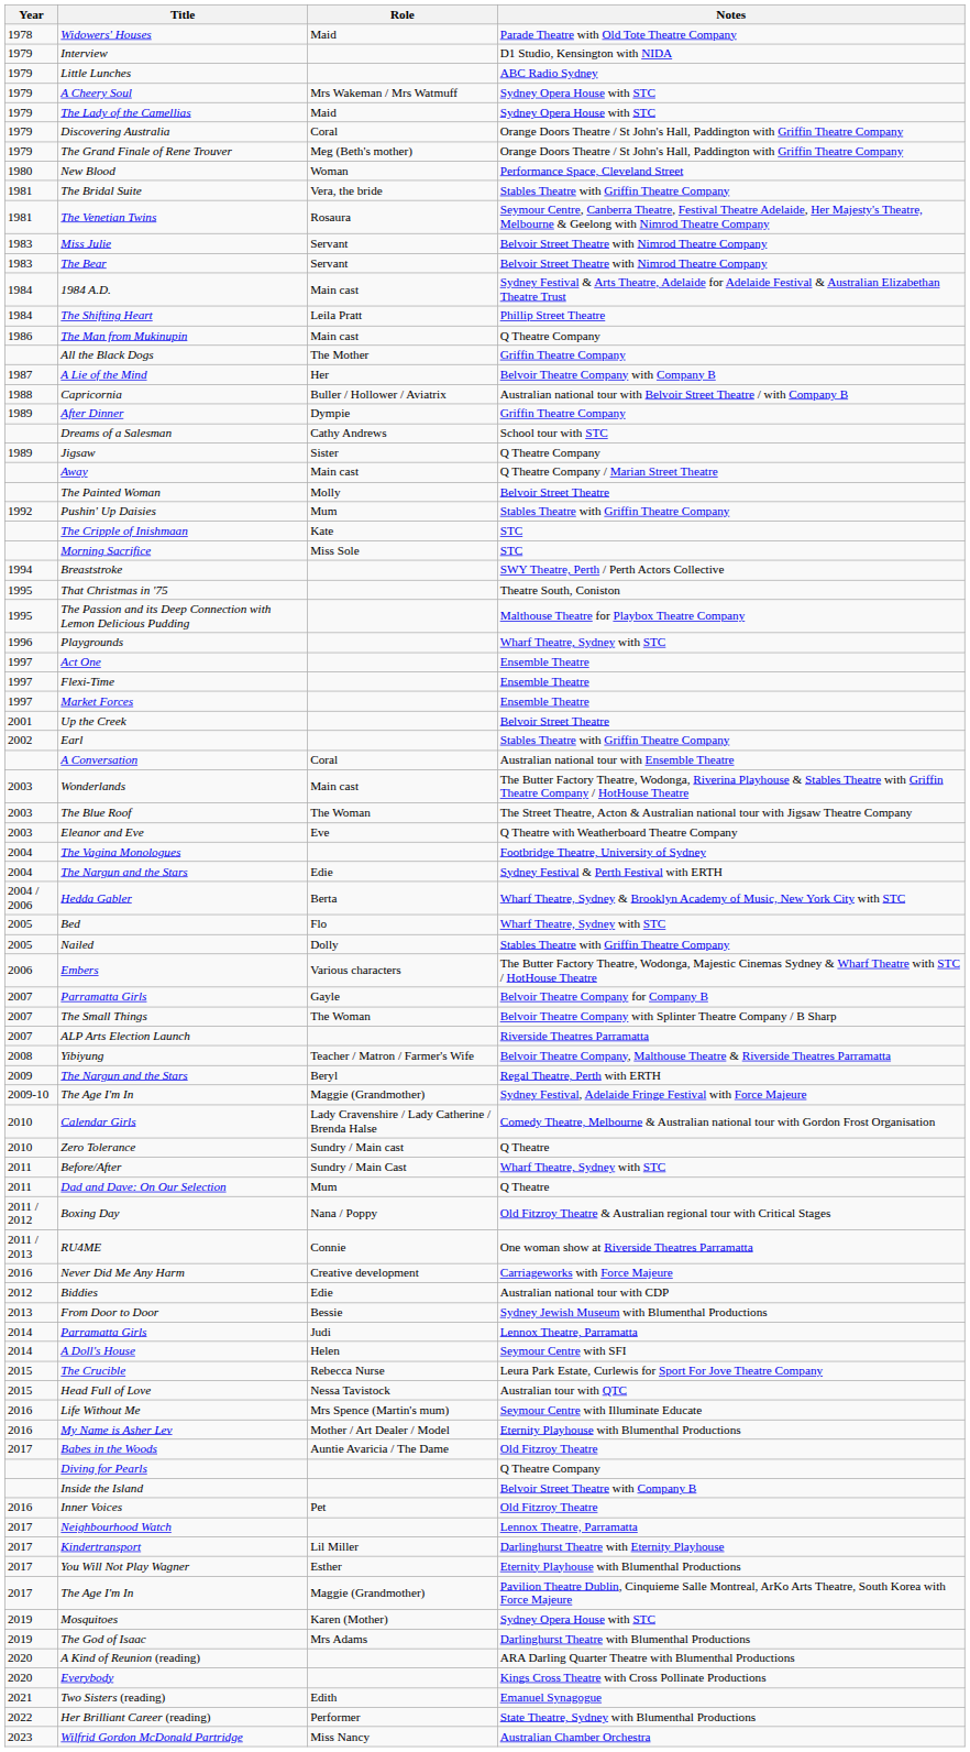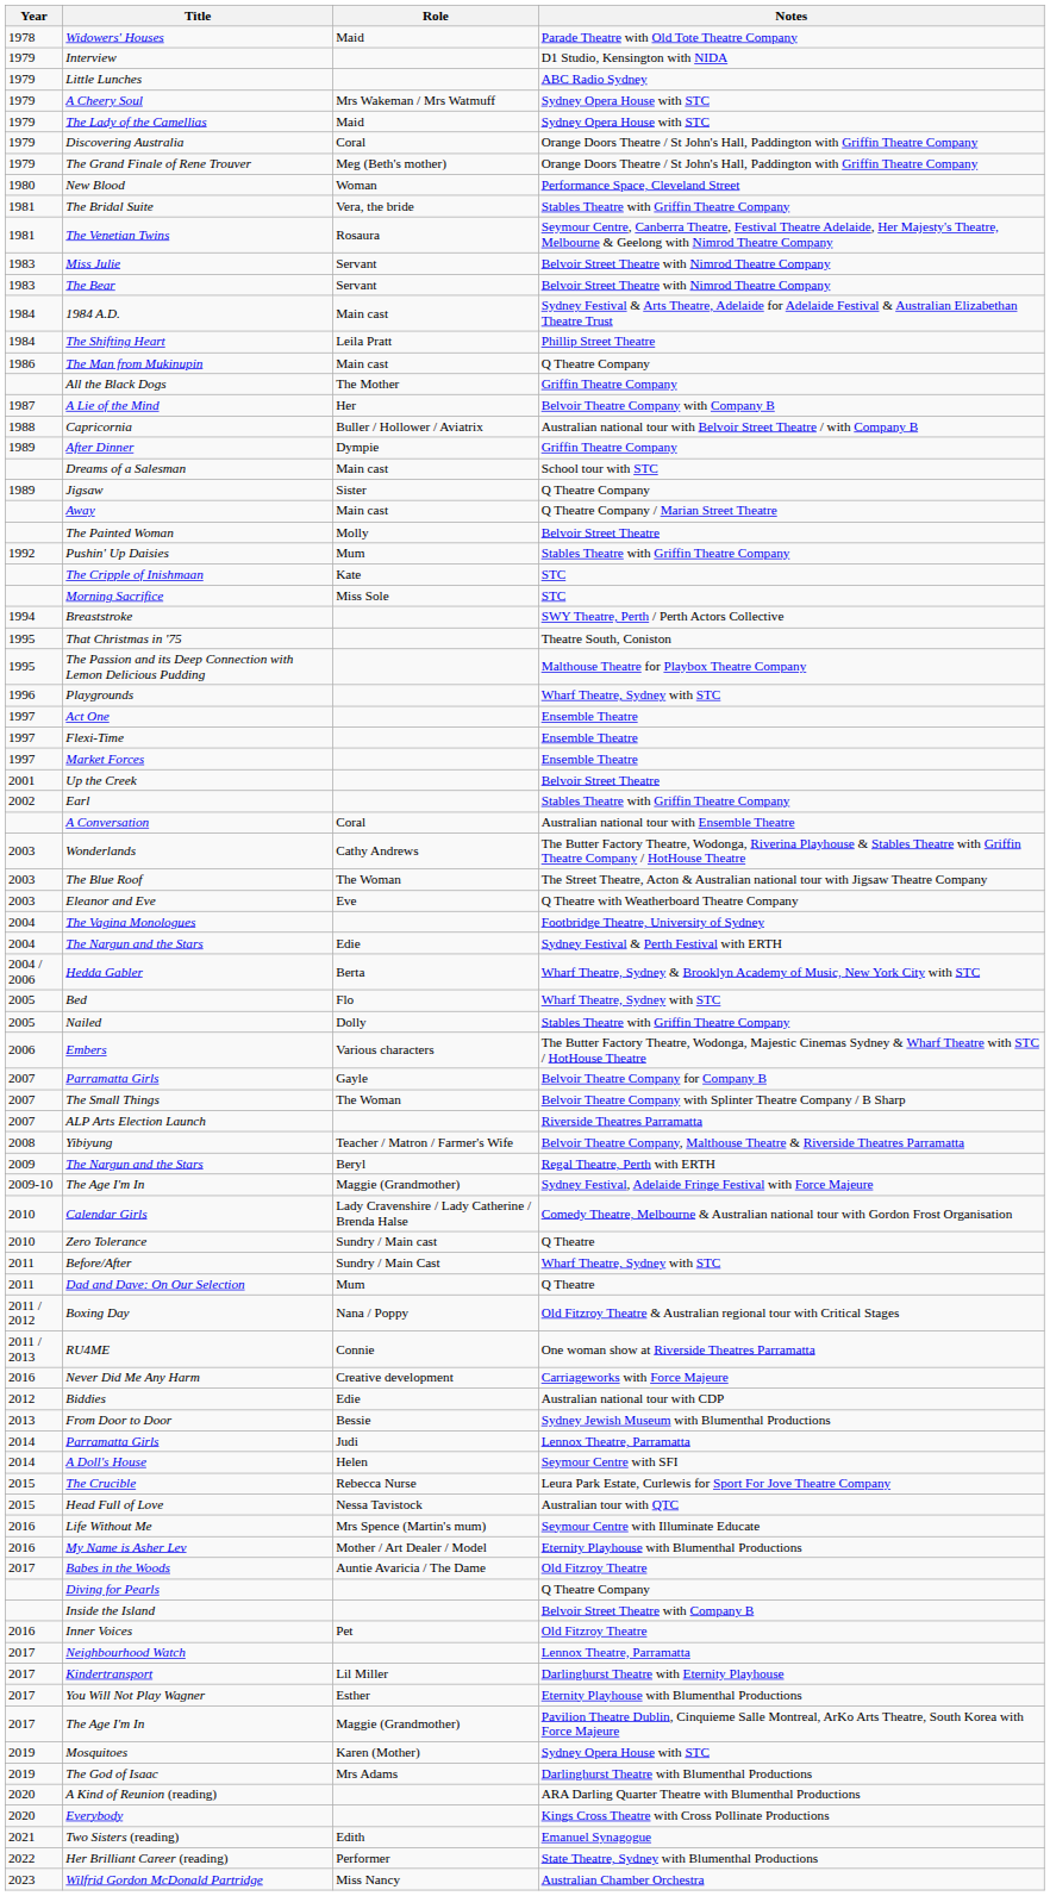 <table class="wikitable">
 <tr>
 <th>Year</th>
 <th>Title</th>
 <th>Role</th>
 <th>Notes</th>
 </tr>
 <tr>
 <td>1978</td>
 <td><em><a href='#'>Widowers' Houses</a></em></td>
 <td>Maid</td>
 <td><a href='#'>Parade Theatre</a> with <a href='#'>Old Tote Theatre Company</a></td>
 </tr>
 <tr>
 <td>1979</td>
 <td><em>Interview</em></td>
 <td></td>
 <td>D1 Studio, Kensington with <a href='#'>NIDA</a></td>
 </tr>
 <tr>
 <td>1979</td>
 <td><em>Little Lunches</em></td>
 <td></td>
 <td><a href='#'>ABC Radio Sydney</a></td>
 </tr>
 <tr>
 <td>1979</td>
 <td><em><a href='#'>A Cheery Soul</a></em></td>
 <td>Mrs Wakeman / Mrs Watmuff</td>
 <td><a href='#'>Sydney Opera House</a> with <a href='#'>STC</a></td>
 </tr>
 <tr>
 <td>1979</td>
 <td><em><a href='#'>The Lady of the Camellias</a></em></td>
 <td>Maid</td>
 <td><a href='#'>Sydney Opera House</a> with <a href='#'>STC</a></td>
 </tr>
 <tr>
 <td>1979</td>
 <td><em>Discovering Australia</em></td>
 <td>Coral</td>
 <td>Orange Doors Theatre / St John's Hall, Paddington with <a href='#'>Griffin Theatre Company</a></td>
 </tr>
 <tr>
 <td>1979</td>
 <td><em>The Grand Finale of Rene Trouver</em></td>
 <td>Meg (Beth's mother)</td>
 <td>Orange Doors Theatre / St John's Hall, Paddington with <a href='#'>Griffin Theatre Company</a></td>
 </tr>
 <tr>
 <td>1980</td>
 <td><em>New Blood</em></td>
 <td>Woman</td>
 <td><a href='#'>Performance Space, Cleveland Street</a></td>
 </tr>
 <tr>
 <td>1981</td>
 <td><em>The Bridal Suite</em></td>
 <td>Vera, the bride</td>
 <td><a href='#'>Stables Theatre</a> with <a href='#'>Griffin Theatre Company</a></td>
 </tr>
 <tr>
 <td>1981</td>
 <td><em><a href='#'>The Venetian Twins</a></em></td>
 <td>Rosaura</td>
 <td><a href='#'>Seymour Centre</a>, <a href='#'>Canberra Theatre</a>, <a href='#'>Festival Theatre Adelaide</a>, <a href='#'>Her Majesty's Theatre, Melbourne</a> & Geelong with <a href='#'>Nimrod Theatre Company</a></td>
 </tr>
 <tr>
 <td>1983</td>
 <td><em><a href='#'>Miss Julie</a></em></td>
 <td>Servant</td>
 <td><a href='#'>Belvoir Street Theatre</a> with <a href='#'>Nimrod Theatre Company</a></td>
 </tr>
 <tr>
 <td>1983</td>
 <td><em><a href='#'>The Bear</a></em></td>
 <td>Servant</td>
 <td><a href='#'>Belvoir Street Theatre</a> with <a href='#'>Nimrod Theatre Company</a></td>
 </tr>
 <tr>
 <td>1984</td>
 <td><em>1984 A.D.</em></td>
 <td>Main cast</td>
 <td><a href='#'>Sydney Festival</a> & <a href='#'>Arts Theatre, Adelaide</a> for <a href='#'>Adelaide Festival</a> & <a href='#'>Australian Elizabethan Theatre Trust</a></td>
 </tr>
 <tr>
 <td>1984</td>
 <td><em><a href='#'>The Shifting Heart</a></em></td>
 <td>Leila Pratt</td>
 <td><a href='#'>Phillip Street Theatre</a></td>
 </tr>
 <tr>
 <td>1986</td>
 <td><em><a href='#'>The Man from Mukinupin</a></em></td>
 <td>Main cast</td>
 <td>Q Theatre Company</td>
 </tr>
 <tr>
 <td></td>
 <td><em>All the Black Dogs</em></td>
 <td>The Mother</td>
 <td><a href='#'>Griffin Theatre Company</a></td>
 </tr>
 <tr>
 <td>1987</td>
 <td><em><a href='#'>A Lie of the Mind</a></em></td>
 <td>Her</td>
 <td><a href='#'>Belvoir Theatre Company</a> with <a href='#'>Company B</a></td>
 </tr>
 <tr>
 <td>1988</td>
 <td><em>Capricornia</em></td>
 <td>Buller / Hollower / Aviatrix</td>
 <td>Australian national tour with <a href='#'>Belvoir Street Theatre</a> / with <a href='#'>Company B</a></td>
 </tr>
 <tr>
 <td>1989</td>
 <td><em><a href='#'>After Dinner</a></em></td>
 <td>Dympie</td>
 <td><a href='#'>Griffin Theatre Company</a></td>
 </tr>
 <tr>
 <td></td>
 <td><em>Dreams of a Salesman</em></td>
-<td>Cathy Andrews</td>
+<td>Main cast</td>
 <td>School tour with <a href='#'>STC</a></td>
 </tr>
 <tr>
 <td>1989</td>
 <td><em>Jigsaw</em></td>
 <td>Sister</td>
 <td>Q Theatre Company</td>
 </tr>
 <tr>
 <td></td>
 <td><em><a href='#'>Away</a></em></td>
 <td>Main cast</td>
 <td>Q Theatre Company / <a href='#'>Marian Street Theatre</a></td>
 </tr>
 <tr>
 <td></td>
 <td><em>The Painted Woman</em></td>
 <td>Molly</td>
 <td><a href='#'>Belvoir Street Theatre</a></td>
 </tr>
 <tr>
 <td>1992</td>
 <td><em>Pushin' Up Daisies</em></td>
 <td>Mum</td>
 <td><a href='#'>Stables Theatre</a> with <a href='#'>Griffin Theatre Company</a></td>
 </tr>
 <tr>
 <td></td>
 <td><em><a href='#'>The Cripple of Inishmaan</a></em></td>
 <td>Kate</td>
 <td><a href='#'>STC</a></td>
 </tr>
 <tr>
 <td></td>
 <td><em><a href='#'>Morning Sacrifice</a></em></td>
 <td>Miss Sole</td>
 <td><a href='#'>STC</a></td>
 </tr>
 <tr>
 <td>1994</td>
 <td><em>Breaststroke</em></td>
 <td></td>
 <td><a href='#'>SWY Theatre, Perth</a> / Perth Actors Collective</td>
 </tr>
 <tr>
 <td>1995</td>
 <td><em>That Christmas in '75</em></td>
 <td></td>
 <td>Theatre South, Coniston</td>
 </tr>
 <tr>
 <td>1995</td>
 <td><em>The Passion and its Deep Connection with Lemon Delicious Pudding</em></td>
 <td></td>
 <td><a href='#'>Malthouse Theatre</a> for <a href='#'>Playbox Theatre Company</a></td>
 </tr>
 <tr>
 <td>1996</td>
 <td><em>Playgrounds</em></td>
 <td></td>
 <td><a href='#'>Wharf Theatre, Sydney</a> with <a href='#'>STC</a></td>
 </tr>
 <tr>
 <td>1997</td>
 <td><em><a href='#'>Act One</a></em></td>
 <td></td>
 <td><a href='#'>Ensemble Theatre</a></td>
 </tr>
 <tr>
 <td>1997</td>
 <td><em>Flexi-Time</em></td>
 <td></td>
 <td><a href='#'>Ensemble Theatre</a></td>
 </tr>
 <tr>
 <td>1997</td>
 <td><em><a href='#'>Market Forces</a></em></td>
 <td></td>
 <td><a href='#'>Ensemble Theatre</a></td>
 </tr>
 <tr>
 <td>2001</td>
 <td><em>Up the Creek</em></td>
 <td></td>
 <td><a href='#'>Belvoir Street Theatre</a></td>
 </tr>
 <tr>
 <td>2002</td>
 <td><em>Earl</em></td>
 <td></td>
 <td><a href='#'>Stables Theatre</a> with <a href='#'>Griffin Theatre Company</a></td>
 </tr>
 <tr>
 <td></td>
 <td><em><a href='#'>A Conversation</a></em></td>
 <td>Coral</td>
 <td>Australian national tour with <a href='#'>Ensemble Theatre</a></td>
 </tr>
 <tr>
 <td>2003</td>
 <td><em>Wonderlands</em></td>
-<td>Main cast</td>
+<td>Cathy Andrews</td>
 <td>The Butter Factory Theatre, Wodonga, <a href='#'>Riverina Playhouse</a> & <a href='#'>Stables Theatre</a> with <a href='#'>Griffin Theatre Company</a> / <a href='#'>HotHouse Theatre</a></td>
 </tr>
 <tr>
 <td>2003</td>
 <td><em>The Blue Roof</em></td>
 <td>The Woman</td>
 <td>The Street Theatre, Acton & Australian national tour with Jigsaw Theatre Company</td>
 </tr>
 <tr>
 <td>2003</td>
 <td><em>Eleanor and Eve</em></td>
 <td>Eve</td>
 <td>Q Theatre with Weatherboard Theatre Company</td>
 </tr>
 <tr>
 <td>2004</td>
 <td><em><a href='#'>The Vagina Monologues</a></em></td>
 <td></td>
 <td><a href='#'>Footbridge Theatre, University of Sydney</a></td>
 </tr>
 <tr>
 <td>2004</td>
 <td><em><a href='#'>The Nargun and the Stars</a></em></td>
 <td>Edie</td>
 <td><a href='#'>Sydney Festival</a> & <a href='#'>Perth Festival</a> with ERTH</td>
 </tr>
 <tr>
 <td>2004 / 2006</td>
 <td><em><a href='#'>Hedda Gabler</a></em></td>
 <td>Berta</td>
 <td><a href='#'>Wharf Theatre, Sydney</a> & <a href='#'>Brooklyn Academy of Music, New York City</a> with <a href='#'>STC</a></td>
 </tr>
 <tr>
 <td>2005</td>
 <td><em>Bed</em></td>
 <td>Flo</td>
 <td><a href='#'>Wharf Theatre, Sydney</a> with <a href='#'>STC</a></td>
 </tr>
 <tr>
 <td>2005</td>
 <td><em>Nailed</em></td>
 <td>Dolly</td>
 <td><a href='#'>Stables Theatre</a> with <a href='#'>Griffin Theatre Company</a></td>
 </tr>
 <tr>
 <td>2006</td>
 <td><em><a href='#'>Embers</a></em></td>
 <td>Various characters</td>
 <td>The Butter Factory Theatre, Wodonga, Majestic Cinemas Sydney & <a href='#'>Wharf Theatre</a> with <a href='#'>STC</a> / <a href='#'>HotHouse Theatre</a></td>
 </tr>
 <tr>
 <td>2007</td>
 <td><em><a href='#'>Parramatta Girls</a></em></td>
 <td>Gayle</td>
 <td><a href='#'>Belvoir Theatre Company</a> for <a href='#'>Company B</a></td>
 </tr>
 <tr>
 <td>2007</td>
 <td><em>The Small Things</em></td>
 <td>The Woman</td>
 <td><a href='#'>Belvoir Theatre Company</a> with Splinter Theatre Company / B Sharp</td>
 </tr>
 <tr>
 <td>2007</td>
 <td><em>ALP Arts Election Launch</em></td>
 <td></td>
 <td><a href='#'>Riverside Theatres Parramatta</a></td>
 </tr>
 <tr>
 <td>2008</td>
 <td><em>Yibiyung</em></td>
 <td>Teacher / Matron / Farmer's Wife</td>
 <td><a href='#'>Belvoir Theatre Company</a>, <a href='#'>Malthouse Theatre</a> & <a href='#'>Riverside Theatres Parramatta</a></td>
 </tr>
 <tr>
 <td>2009</td>
 <td><em><a href='#'>The Nargun and the Stars</a></em></td>
 <td>Beryl</td>
 <td><a href='#'>Regal Theatre, Perth</a> with ERTH</td>
 </tr>
 <tr>
 <td>2009-10</td>
 <td><em>The Age I'm In</em></td>
 <td>Maggie (Grandmother)</td>
 <td><a href='#'>Sydney Festival</a>, <a href='#'>Adelaide Fringe Festival</a> with <a href='#'>Force Majeure</a></td>
 </tr>
 <tr>
 <td>2010</td>
 <td><em><a href='#'>Calendar Girls</a></em></td>
 <td>Lady Cravenshire / Lady Catherine / Brenda Halse</td>
 <td><a href='#'>Comedy Theatre, Melbourne</a> & Australian national tour with Gordon Frost Organisation</td>
 </tr>
 <tr>
 <td>2010</td>
 <td><em>Zero Tolerance</em></td>
 <td>Sundry / Main cast</td>
 <td>Q Theatre</td>
 </tr>
 <tr>
 <td>2011</td>
 <td><em>Before/After</em></td>
 <td>Sundry / Main Cast</td>
 <td><a href='#'>Wharf Theatre, Sydney</a> with <a href='#'>STC</a></td>
 </tr>
 <tr>
 <td>2011</td>
 <td><em><a href='#'>Dad and Dave: On Our Selection</a></em></td>
 <td>Mum</td>
 <td>Q Theatre</td>
 </tr>
 <tr>
 <td>2011 / 2012</td>
 <td><em>Boxing Day</em></td>
 <td>Nana / Poppy</td>
 <td><a href='#'>Old Fitzroy Theatre</a> & Australian regional tour with Critical Stages</td>
 </tr>
 <tr>
 <td>2011 / 2013</td>
 <td><em>RU4ME</em></td>
 <td>Connie</td>
 <td>One woman show at <a href='#'>Riverside Theatres Parramatta</a></td>
 </tr>
 <tr>
 <td>2016</td>
 <td><em>Never Did Me Any Harm</em></td>
 <td>Creative development</td>
 <td><a href='#'>Carriageworks</a> with <a href='#'>Force Majeure</a></td>
 </tr>
 <tr>
 <td>2012</td>
 <td><em>Biddies</em></td>
 <td>Edie</td>
 <td>Australian national tour with CDP</td>
 </tr>
 <tr>
 <td>2013</td>
 <td><em>From Door to Door</em></td>
 <td>Bessie</td>
 <td><a href='#'>Sydney Jewish Museum</a> with Blumenthal Productions</td>
 </tr>
 <tr>
 <td>2014</td>
 <td><em><a href='#'>Parramatta Girls</a></em></td>
 <td>Judi</td>
 <td><a href='#'>Lennox Theatre, Parramatta</a></td>
 </tr>
 <tr>
 <td>2014</td>
 <td><em><a href='#'>A Doll's House</a></em></td>
 <td>Helen</td>
 <td><a href='#'>Seymour Centre</a> with SFI</td>
 </tr>
 <tr>
 <td>2015</td>
 <td><em><a href='#'>The Crucible</a></em></td>
 <td>Rebecca Nurse</td>
 <td>Leura Park Estate, Curlewis for <a href='#'>Sport For Jove Theatre Company</a></td>
 </tr>
 <tr>
 <td>2015</td>
 <td><em>Head Full of Love</em></td>
 <td>Nessa Tavistock</td>
 <td>Australian tour with <a href='#'>QTC</a></td>
 </tr>
 <tr>
 <td>2016</td>
 <td><em>Life Without Me</em></td>
 <td>Mrs Spence (Martin's mum)</td>
 <td><a href='#'>Seymour Centre</a> with Illuminate Educate</td>
 </tr>
 <tr>
 <td>2016</td>
 <td><em><a href='#'>My Name is Asher Lev</a></em></td>
 <td>Mother / Art Dealer / Model</td>
 <td><a href='#'>Eternity Playhouse</a> with Blumenthal Productions</td>
 </tr>
 <tr>
 <td>2017</td>
 <td><em><a href='#'>Babes in the Woods</a></em></td>
 <td>Auntie Avaricia / The Dame</td>
 <td><a href='#'>Old Fitzroy Theatre</a></td>
 </tr>
 <tr>
 <td></td>
 <td><em><a href='#'>Diving for Pearls</a></em></td>
 <td></td>
 <td>Q Theatre Company</td>
 </tr>
 <tr>
 <td></td>
 <td><em>Inside the Island</em></td>
 <td></td>
 <td><a href='#'>Belvoir Street Theatre</a> with <a href='#'>Company B</a></td>
 </tr>
 <tr>
 <td>2016</td>
 <td><em>Inner Voices</em></td>
 <td>Pet</td>
 <td><a href='#'>Old Fitzroy Theatre</a></td>
 </tr>
 <tr>
 <td>2017</td>
 <td><em><a href='#'>Neighbourhood Watch</a></em></td>
 <td></td>
 <td><a href='#'>Lennox Theatre, Parramatta</a></td>
 </tr>
 <tr>
 <td>2017</td>
 <td><em><a href='#'>Kindertransport</a></em></td>
 <td>Lil Miller</td>
 <td><a href='#'>Darlinghurst Theatre</a> with <a href='#'>Eternity Playhouse</a></td>
 </tr>
 <tr>
 <td>2017</td>
 <td><em>You Will Not Play Wagner</em></td>
 <td>Esther</td>
 <td><a href='#'>Eternity Playhouse</a> with Blumenthal Productions</td>
 </tr>
 <tr>
 <td>2017</td>
 <td><em>The Age I'm In</em></td>
 <td>Maggie (Grandmother)</td>
 <td><a href='#'>Pavilion Theatre Dublin</a>, Cinquieme Salle Montreal, ArKo Arts Theatre, South Korea with <a href='#'>Force Majeure</a></td>
 </tr>
 <tr>
 <td>2019</td>
 <td><em>Mosquitoes</em></td>
 <td>Karen (Mother)</td>
 <td><a href='#'>Sydney Opera House</a> with <a href='#'>STC</a></td>
 </tr>
 <tr>
 <td>2019</td>
 <td><em>The God of Isaac</em></td>
 <td>Mrs Adams</td>
 <td><a href='#'>Darlinghurst Theatre</a> with Blumenthal Productions</td>
 </tr>
 <tr>
 <td>2020</td>
 <td><em>A Kind of Reunion</em> (reading)</td>
 <td></td>
 <td>ARA Darling Quarter Theatre with Blumenthal Productions</td>
 </tr>
 <tr>
 <td>2020</td>
 <td><em><a href='#'>Everybody</a></em></td>
 <td></td>
 <td><a href='#'>Kings Cross Theatre</a> with Cross Pollinate Productions</td>
 </tr>
 <tr>
 <td>2021</td>
 <td><em>Two Sisters</em> (reading)</td>
 <td>Edith</td>
 <td><a href='#'>Emanuel Synagogue</a></td>
 </tr>
 <tr>
 <td>2022</td>
 <td><em>Her Brilliant Career</em> (reading)</td>
 <td>Performer</td>
 <td><a href='#'>State Theatre, Sydney</a> with Blumenthal Productions</td>
 </tr>
 <tr>
 <td>2023</td>
 <td><em><a href='#'>Wilfrid Gordon McDonald Partridge</a></em></td>
 <td>Miss Nancy</td>
 <td><a href='#'>Australian Chamber Orchestra</a></td>
 </tr>
 </table>
